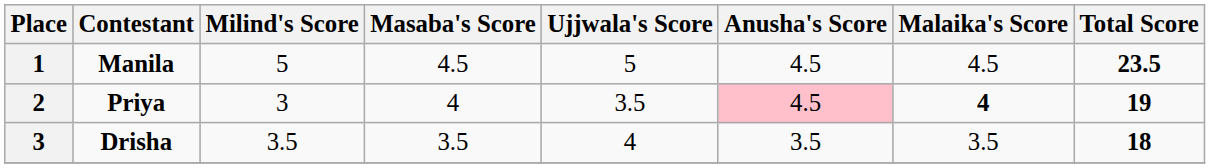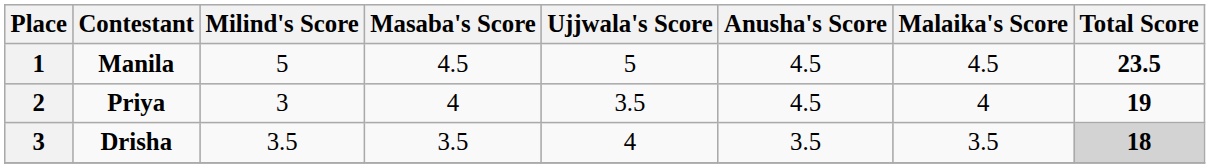 <table class="wikitable" style="text-align:center">
 <tr>
 <th>Place</th>
 <th>Contestant</th>
 <th>Milind's Score</th>
 <th>Masaba's Score</th>
 <th>Ujjwala's Score</th>
 <th>Anusha's Score</th>
 <th>Malaika's Score</th>
 <th>Total Score</th>
 </tr>
 <tr>
 <th>1</th>
 <td><strong>Manila</strong></td>
 <td>5</td>
 <td>4.5</td>
 <td>5</td>
 <td>4.5</td>
 <td>4.5</td>
 <td><strong>23.5</strong></td>
 </tr>
 <tr>
 <th rowspan="1">2</th>
 <td><strong>Priya</strong></td>
 <td>3</td>
 <td>4</td>
 <td>3.5</td>
-<td style="background: pink;">4.5</td>
-<td><strong>4</strong></td>
+<td>4.5</td>
+<td>4</td>
 <td><strong>19</strong></td>
 </tr>
 <tr>
 <th rowspan="1">3</th>
 <td><strong>Drisha</strong></td>
 <td>3.5</td>
 <td>3.5</td>
 <td>4</td>
 <td>3.5</td>
 <td>3.5</td>
-<td><strong>18</strong></td>
+<td style="background: lightgrey;"><strong>18</strong></td>
 </tr>
 <tr>
 </tr>
 </table>
